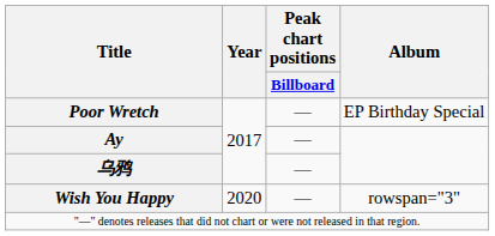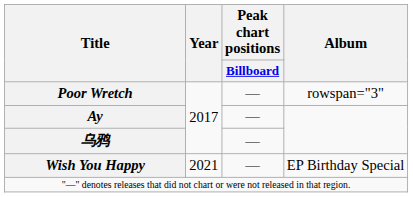 <table class="wikitable plainrowheaders" style="text-align:center;">
 <tr>
 <th rowspan="2" scope="col" style="width:12em;">Title</th>
 <th rowspan="2" scope="col">Year</th>
 <th colspan="1">Peak chart positions</th>
 <th rowspan="2" scope="col">Album</th>
 </tr>
 <tr>
 <th scope="col" style="width:3em;font-size:90%;"><a href='#'>Billboard</a><br></th>
 </tr>
 <tr>
 <th scope="row"><em>Poor Wretch</em></th>
 <td rowspan="3">2017</td>
 <td>—</td>
-<td>EP Birthday Special</td>
+<td>rowspan="3" </td>
 </tr>
 <tr>
 <th scope="row"><em>Ay</em></th>
 <td>—</td>
 </tr>
 <tr>
 <th scope="row"><em>乌鸦</em></th>
 <td>—</td>
 </tr>
 <tr>
 <th scope="row"><em>Wish You Happy</em></th>
-<td>2020</td>
+<td>2021</td>
 <td>—</td>
-<td>rowspan="3" </td>
+<td>EP Birthday Special</td>
 </tr>
 <tr>
 <td colspan="6" style="text-align:center; font-size:8pt;">"—" denotes releases that did not chart or were not released in that region.</td>
 </tr>
 </table>
